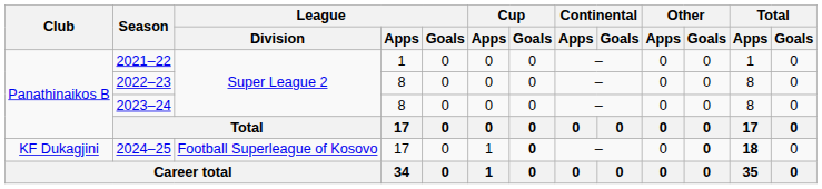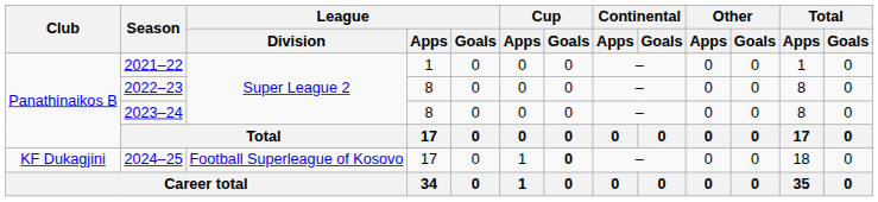 <table class="wikitable" style="text-align: center">
 <tr>
 <th rowspan="2">Club</th>
 <th rowspan="2">Season</th>
 <th colspan="3">League</th>
 <th colspan="2">Cup</th>
 <th colspan="2">Continental</th>
 <th colspan="2">Other</th>
 <th colspan="2">Total</th>
 </tr>
 <tr>
 <th>Division</th>
 <th>Apps</th>
 <th>Goals</th>
 <th>Apps</th>
 <th>Goals</th>
 <th>Apps</th>
 <th>Goals</th>
 <th>Apps</th>
 <th>Goals</th>
 <th>Apps</th>
 <th>Goals</th>
 </tr>
 <tr>
 <td rowspan="4"><a href='#'>Panathinaikos B</a></td>
 <td><a href='#'>2021–22</a></td>
 <td rowspan="3" valign="center"><a href='#'>Super League 2</a></td>
 <td>1</td>
 <td>0</td>
 <td>0</td>
 <td>0</td>
 <td colspan="2">–</td>
 <td>0</td>
 <td>0</td>
 <td>1</td>
 <td>0</td>
 </tr>
 <tr>
 <td><a href='#'>2022–23</a></td>
 <td>8</td>
 <td>0</td>
 <td>0</td>
 <td>0</td>
 <td colspan="2">–</td>
 <td>0</td>
 <td>0</td>
 <td>8</td>
 <td>0</td>
 </tr>
 <tr>
 <td><a href='#'>2023–24</a></td>
 <td>8</td>
 <td>0</td>
 <td>0</td>
 <td>0</td>
 <td colspan="2">–</td>
 <td>0</td>
 <td>0</td>
 <td>8</td>
 <td>0</td>
 </tr>
 <tr>
 <th colspan=2>Total</th>
 <th>17</th>
 <th>0</th>
 <th>0</th>
 <th>0</th>
 <th>0</th>
 <th>0</th>
 <th>0</th>
 <th>0</th>
 <th>17</th>
 <th>0</th>
 </tr>
 <tr>
 <td rowspan="1"><a href='#'>KF Dukagjini</a></td>
 <td><a href='#'>2024–25</a></td>
 <td rowspan="1" valign="center"><a href='#'>Football Superleague of Kosovo</a></td>
 <td>17</td>
 <td>0</td>
 <td>1</td>
 <td><strong>0</strong></td>
 <td colspan="2">–</td>
 <td>0</td>
-<td><strong>0</strong></td>
-<td><strong>18</strong></td>
+<td>0</td>
+<td>18</td>
 <td>0</td>
 </tr>
 <tr>
 <th colspan=3>Career total</th>
 <th>34</th>
 <th>0</th>
 <th>1</th>
 <th>0</th>
 <th>0</th>
 <th>0</th>
 <th>0</th>
 <th>0</th>
 <th>35</th>
 <th>0</th>
 </tr>
 </table>
